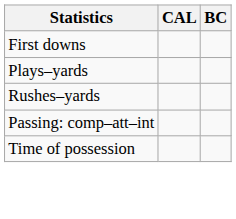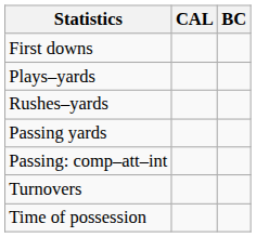 <table class="wikitable" style="float:left">
 <tr>
 <th>Statistics</th>
 <th>CAL</th>
 <th>BC</th>
 </tr>
 <tr>
 <td>First downs</td>
 <td></td>
 <td></td>
 </tr>
 <tr>
 <td>Plays–yards</td>
 <td></td>
 <td></td>
 </tr>
 <tr>
 <td>Rushes–yards</td>
 <td></td>
 <td></td>
 </tr>
 <tr>
+<td>Passing yards</td>
+<td></td>
+<td></td>
+</tr>
+<tr>
 <td>Passing: comp–att–int</td>
+<td></td>
+<td></td>
+</tr>
+<tr>
+<td>Turnovers</td>
 <td></td>
 <td></td>
 </tr>
 <tr>
 <td>Time of possession</td>
 <td></td>
 <td></td>
 </tr>
 </table>
